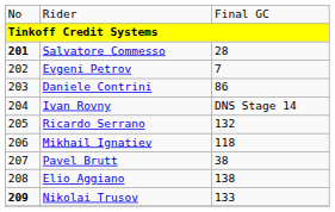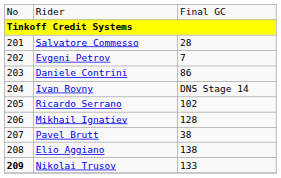 <table class=wikitable style="font-size:95%" width="40%">
 <tr>
 <td>No</td>
 <td>Rider</td>
 <td>Final GC</td>
 </tr>
 <tr>
 <td colspan=3 bgcolor="yellow" style="text:black"><strong>Tinkoff Credit Systems</strong></td>
 </tr>
 <tr>
-<td><strong>201</strong></td>
+<td>201</td>
 <td> <a href='#'>Salvatore Commesso</a></td>
 <td>28</td>
 </tr>
 <tr>
 <td>202</td>
 <td> <a href='#'>Evgeni Petrov</a></td>
 <td>7</td>
 </tr>
 <tr>
 <td>203</td>
 <td> <a href='#'>Daniele Contrini</a></td>
 <td>86</td>
 </tr>
 <tr>
 <td>204</td>
 <td> <a href='#'>Ivan Rovny</a></td>
 <td>DNS Stage 14</td>
 </tr>
 <tr>
 <td>205</td>
 <td> <a href='#'>Ricardo Serrano</a></td>
-<td>132</td>
+<td>102</td>
 </tr>
 <tr>
 <td>206</td>
 <td> <a href='#'>Mikhail Ignatiev</a></td>
-<td>118</td>
+<td>128</td>
 </tr>
 <tr>
 <td>207</td>
 <td> <a href='#'>Pavel Brutt</a></td>
 <td>38</td>
 </tr>
 <tr>
 <td>208</td>
 <td> <a href='#'>Elio Aggiano</a></td>
 <td>138</td>
 </tr>
 <tr>
 <td><strong>209</strong></td>
 <td> <a href='#'>Nikolai Trusov</a></td>
 <td>133</td>
 </tr>
 <tr>
 </tr>
 </table>
